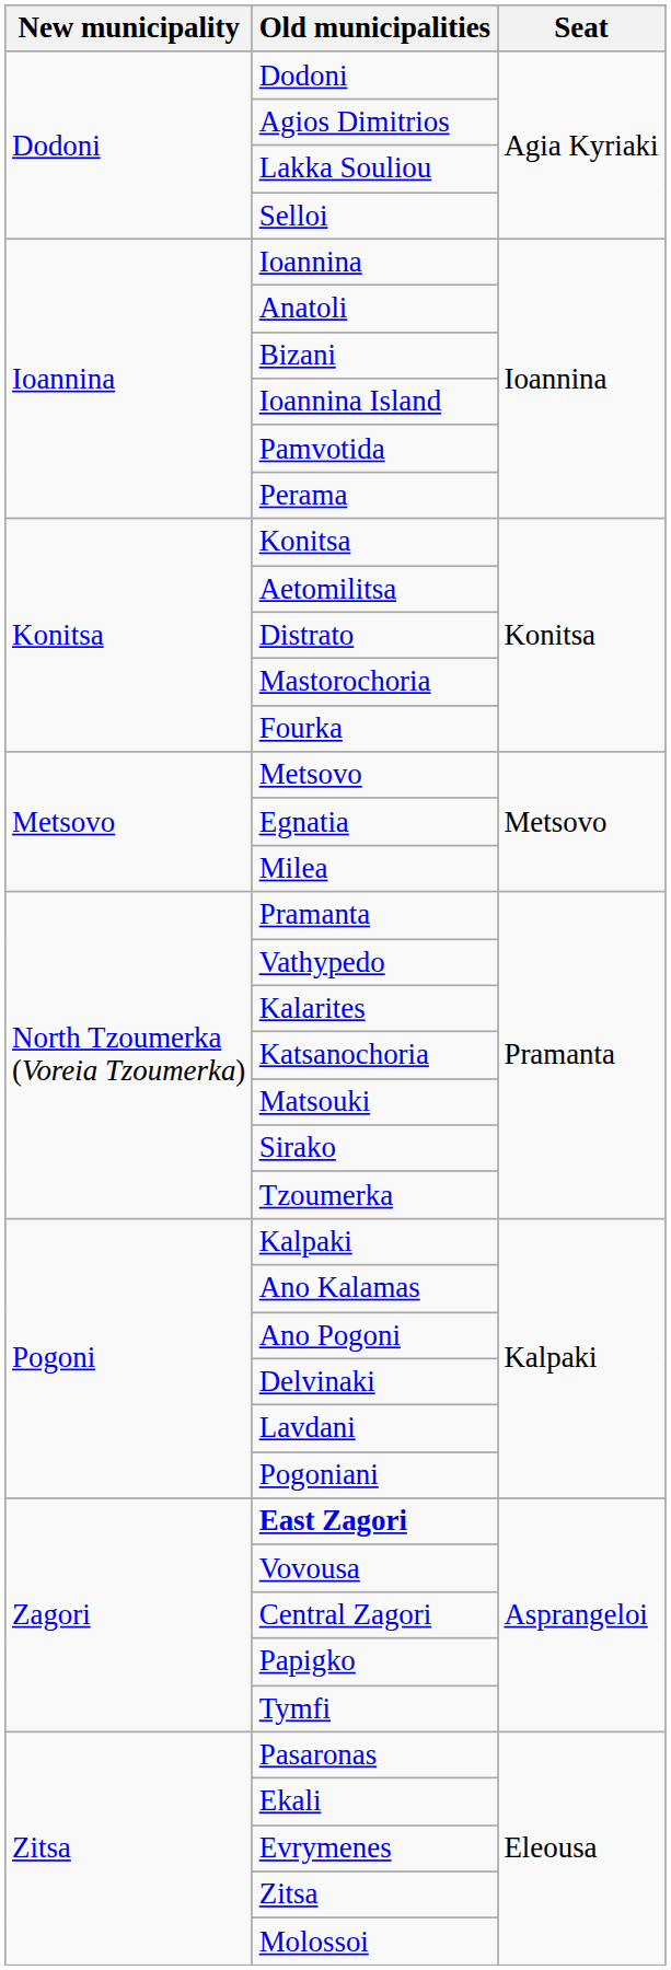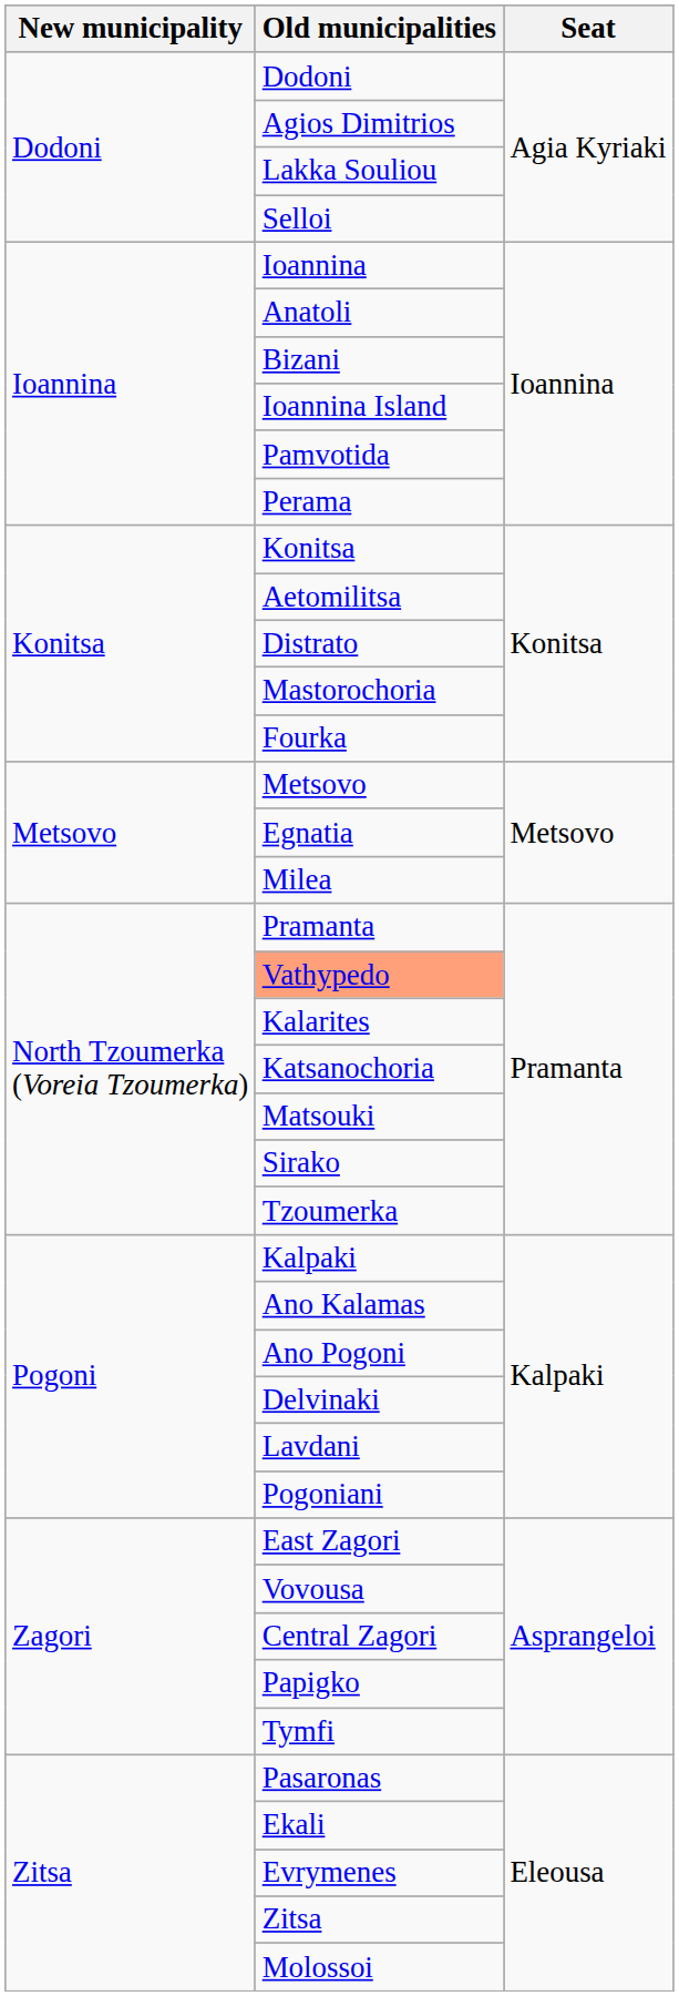 <table class="wikitable">
 <tr>
 <th>New municipality</th>
 <th>Old municipalities</th>
 <th>Seat</th>
 </tr>
 <tr>
 <td rowspan=4><a href='#'>Dodoni</a></td>
 <td><a href='#'>Dodoni</a></td>
 <td rowspan=4>Agia Kyriaki</td>
 </tr>
 <tr>
 <td><a href='#'>Agios Dimitrios</a></td>
 </tr>
 <tr>
 <td><a href='#'>Lakka Souliou</a></td>
 </tr>
 <tr>
 <td><a href='#'>Selloi</a></td>
 </tr>
 <tr>
 <td rowspan=6><a href='#'>Ioannina</a></td>
 <td><a href='#'>Ioannina</a></td>
 <td rowspan=6>Ioannina</td>
 </tr>
 <tr>
 <td><a href='#'>Anatoli</a></td>
 </tr>
 <tr>
 <td><a href='#'>Bizani</a></td>
 </tr>
 <tr>
 <td><a href='#'>Ioannina Island</a></td>
 </tr>
 <tr>
 <td><a href='#'>Pamvotida</a></td>
 </tr>
 <tr>
 <td><a href='#'>Perama</a></td>
 </tr>
 <tr>
 <td rowspan=5><a href='#'>Konitsa</a></td>
 <td><a href='#'>Konitsa</a></td>
 <td rowspan=5>Konitsa</td>
 </tr>
 <tr>
 <td><a href='#'>Aetomilitsa</a></td>
 </tr>
 <tr>
 <td><a href='#'>Distrato</a></td>
 </tr>
 <tr>
 <td><a href='#'>Mastorochoria</a></td>
 </tr>
 <tr>
 <td><a href='#'>Fourka</a></td>
 </tr>
 <tr>
 <td rowspan=3><a href='#'>Metsovo</a></td>
 <td><a href='#'>Metsovo</a></td>
 <td rowspan=3>Metsovo</td>
 </tr>
 <tr>
 <td><a href='#'>Egnatia</a></td>
 </tr>
 <tr>
 <td><a href='#'>Milea</a></td>
 </tr>
 <tr>
 <td rowspan=7><a href='#'>North Tzoumerka</a> <br>(<em>Voreia Tzoumerka</em>)</td>
 <td><a href='#'>Pramanta</a></td>
 <td rowspan=7>Pramanta</td>
 </tr>
 <tr>
-<td><a href='#'>Vathypedo</a></td>
+<td style="background: lightsalmon;"><a href='#'>Vathypedo</a></td>
 </tr>
 <tr>
 <td><a href='#'>Kalarites</a></td>
 </tr>
 <tr>
 <td><a href='#'>Katsanochoria</a></td>
 </tr>
 <tr>
 <td><a href='#'>Matsouki</a></td>
 </tr>
 <tr>
 <td><a href='#'>Sirako</a></td>
 </tr>
 <tr>
 <td><a href='#'>Tzoumerka</a></td>
 </tr>
 <tr>
 <td rowspan=6><a href='#'>Pogoni</a></td>
 <td><a href='#'>Kalpaki</a></td>
 <td rowspan=6>Kalpaki</td>
 </tr>
 <tr>
 <td><a href='#'>Ano Kalamas</a></td>
 </tr>
 <tr>
 <td><a href='#'>Ano Pogoni</a></td>
 </tr>
 <tr>
 <td><a href='#'>Delvinaki</a></td>
 </tr>
 <tr>
 <td><a href='#'>Lavdani</a></td>
 </tr>
 <tr>
 <td><a href='#'>Pogoniani</a></td>
 </tr>
 <tr>
 <td rowspan=5><a href='#'>Zagori</a></td>
-<td><strong><a href='#'>East Zagori</a></strong></td>
+<td><a href='#'>East Zagori</a></td>
 <td rowspan=5><a href='#'>Asprangeloi</a></td>
 </tr>
 <tr>
 <td><a href='#'>Vovousa</a></td>
 </tr>
 <tr>
 <td><a href='#'>Central Zagori</a></td>
 </tr>
 <tr>
 <td><a href='#'>Papigko</a></td>
 </tr>
 <tr>
 <td><a href='#'>Tymfi</a></td>
 </tr>
 <tr>
 <td rowspan=5><a href='#'>Zitsa</a></td>
 <td><a href='#'>Pasaronas</a></td>
 <td rowspan=5>Eleousa</td>
 </tr>
 <tr>
 <td><a href='#'>Ekali</a></td>
 </tr>
 <tr>
 <td><a href='#'>Evrymenes</a></td>
 </tr>
 <tr>
 <td><a href='#'>Zitsa</a></td>
 </tr>
 <tr>
 <td><a href='#'>Molossoi</a></td>
 </tr>
 </table>
